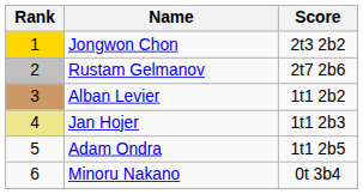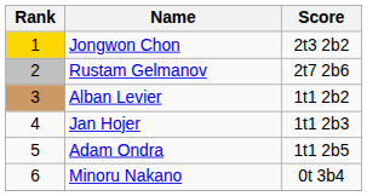 <table class="wikitable">
 <tr>
 <th width = "50">Rank</th>
 <th width = "200">Name</th>
 <th width = "70">Score</th>
 </tr>
 <tr>
 <td align="center" style="background: gold">1</td>
 <td> <a href='#'>Jongwon Chon</a></td>
 <td align="center">2t3 2b2</td>
 </tr>
 <tr>
 <td align="center" style="background: silver">2</td>
 <td> <a href='#'>Rustam Gelmanov</a></td>
 <td align="center">2t7 2b6</td>
 </tr>
 <tr>
 <td align="center" style="background: #cc9966">3</td>
 <td> <a href='#'>Alban Levier</a></td>
 <td align="center">1t1 2b2</td>
 </tr>
 <tr>
-<td align="center" style="background: khaki;">4</td>
+<td align="center">4</td>
 <td> <a href='#'>Jan Hojer</a></td>
 <td align="center">1t1 2b3</td>
 </tr>
 <tr>
 <td align="center">5</td>
 <td> <a href='#'>Adam Ondra</a></td>
 <td align="center">1t1 2b5</td>
 </tr>
 <tr>
 <td align="center">6</td>
 <td> <a href='#'>Minoru Nakano</a></td>
 <td align="center">0t 3b4</td>
 </tr>
 <tr>
 </tr>
 </table>
